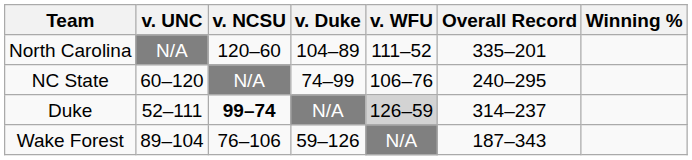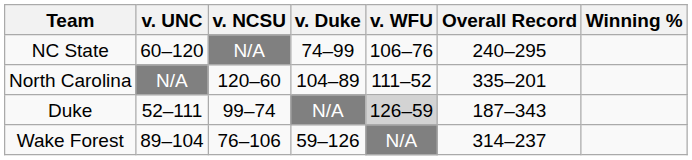 <table class="wikitable sortable" style="font-size: 95%;text-align: center;">
 <tr>
 <th>Team</th>
 <th>v. UNC</th>
 <th>v. NCSU</th>
 <th>v. Duke</th>
 <th>v. WFU</th>
 <th>Overall Record</th>
 <th>Winning %</th>
 </tr>
 <tr>
+<td>NC State</td>
+<td>60–120</td>
+<td style="background-color: gray; color: white">N/A</td>
+<td>74–99</td>
+<td>106–76</td>
+<td>240–295</td>
+<td></td>
+</tr>
+<tr>
 <td>North Carolina</td>
 <td style="background-color: gray; color: white">N/A</td>
 <td>120–60</td>
 <td>104–89</td>
 <td>111–52</td>
 <td>335–201</td>
 <td></td>
 </tr>
 <tr>
-<td>NC State</td>
-<td>60–120</td>
-<td style="background-color: gray; color: white">N/A</td>
-<td>74–99</td>
-<td>106–76</td>
-<td>240–295</td>
-<td></td>
-</tr>
-<tr>
 <td>Duke</td>
 <td>52–111</td>
-<td><strong>99–74</strong></td>
+<td>99–74</td>
 <td style="background-color: gray; color: white">N/A</td>
 <td style="background: lightgrey;">126–59</td>
-<td>314–237</td>
+<td>187–343</td>
 <td></td>
 </tr>
 <tr>
 <td>Wake Forest</td>
 <td>89–104</td>
 <td>76–106</td>
 <td>59–126</td>
 <td style="background-color: gray; color: white">N/A</td>
-<td>187–343</td>
+<td>314–237</td>
 <td></td>
 </tr>
 </table>
